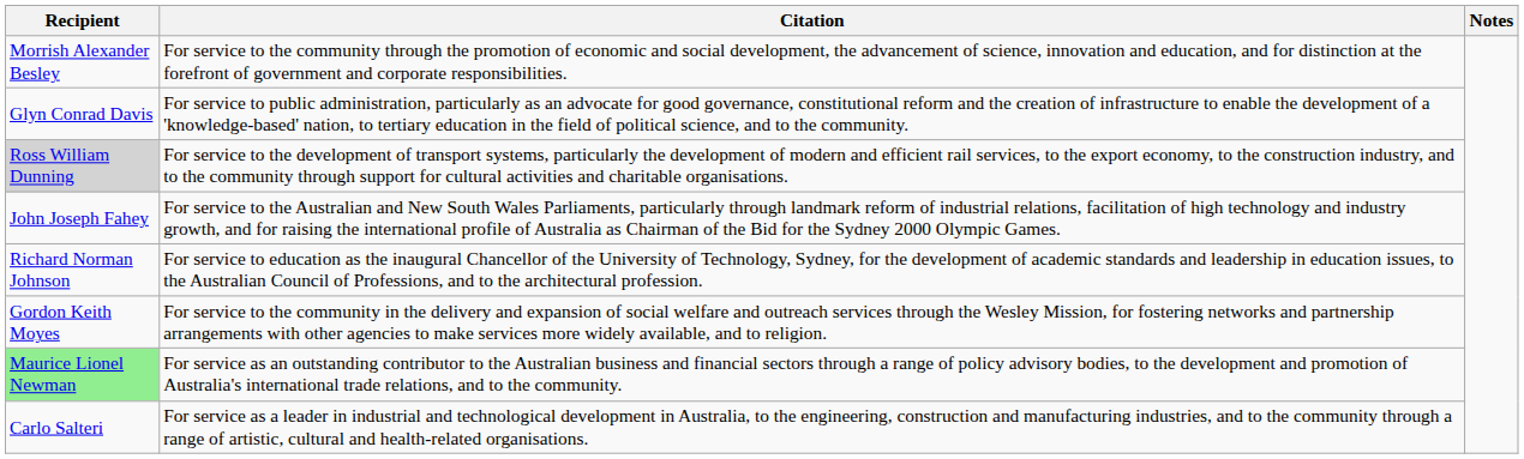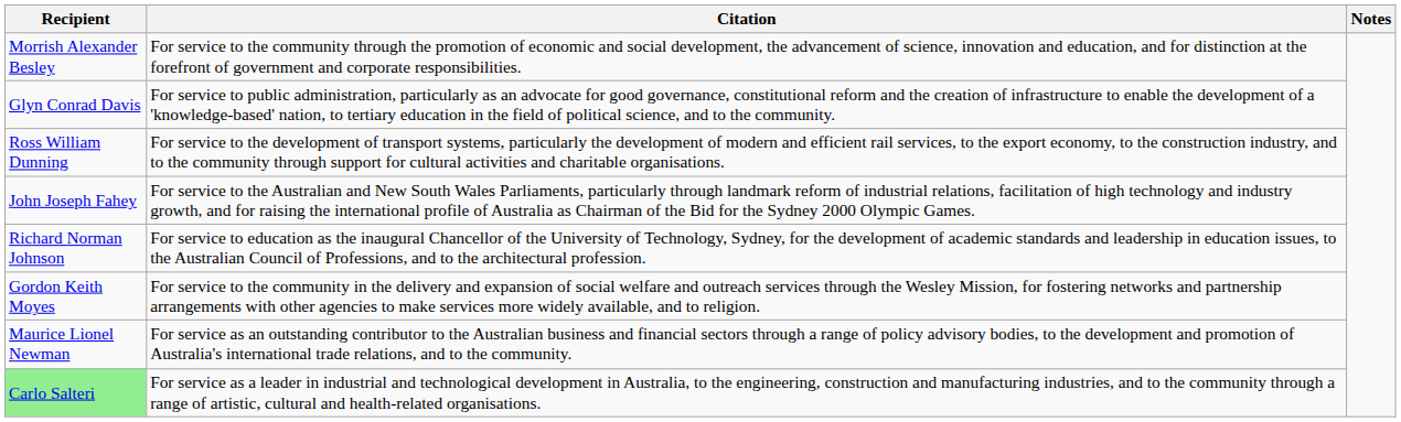 <table class="wikitable" style="font-size:95%;">
 <tr>
 <th>Recipient</th>
 <th>Citation</th>
 <th>Notes</th>
 </tr>
 <tr>
 <td><a href='#'>Morrish Alexander Besley</a></td>
 <td>For service to the community through the promotion of economic and social development, the advancement of science, innovation and education, and for distinction at the forefront of government and corporate responsibilities.</td>
 <td rowspan=8></td>
 </tr>
 <tr>
 <td> <a href='#'>Glyn Conrad Davis</a></td>
 <td>For service to public administration, particularly as an advocate for good governance, constitutional reform and the creation of infrastructure to enable the development of a 'knowledge-based' nation, to tertiary education in the field of political science, and to the community.</td>
 </tr>
 <tr>
-<td style="background: lightgrey;"><a href='#'>Ross William Dunning</a></td>
+<td><a href='#'>Ross William Dunning</a></td>
 <td>For service to the development of transport systems, particularly the development of modern and efficient rail services, to the export economy, to the construction industry, and to the community through support for cultural activities and charitable organisations.</td>
 </tr>
 <tr>
 <td> <a href='#'>John Joseph Fahey</a></td>
 <td>For service to the Australian and New South Wales Parliaments, particularly through landmark reform of industrial relations, facilitation of high technology and industry growth, and for raising the international profile of Australia as Chairman of the Bid for the Sydney 2000 Olympic Games.</td>
 </tr>
 <tr>
 <td> <a href='#'>Richard Norman Johnson</a></td>
 <td>For service to education as the inaugural Chancellor of the University of Technology, Sydney, for the development of academic standards and leadership in education issues, to the Australian Council of Professions, and to the architectural profession.</td>
 </tr>
 <tr>
 <td> <a href='#'>Gordon Keith Moyes</a></td>
 <td>For service to the community in the delivery and expansion of social welfare and outreach services through the Wesley Mission, for fostering networks and partnership arrangements with other agencies to make services more widely available, and to religion.</td>
 </tr>
 <tr>
-<td style="background: lightgreen;"><a href='#'>Maurice Lionel Newman</a></td>
+<td><a href='#'>Maurice Lionel Newman</a></td>
 <td>For service as an outstanding contributor to the Australian business and financial sectors through a range of policy advisory bodies, to the development and promotion of Australia's international trade relations, and to the community.</td>
 </tr>
 <tr>
-<td> <a href='#'>Carlo Salteri</a></td>
+<td style="background: lightgreen;"> <a href='#'>Carlo Salteri</a></td>
 <td>For service as a leader in industrial and technological development in Australia, to the engineering, construction and manufacturing industries, and to the community through a range of artistic, cultural and health-related organisations.</td>
 </tr>
 </table>
